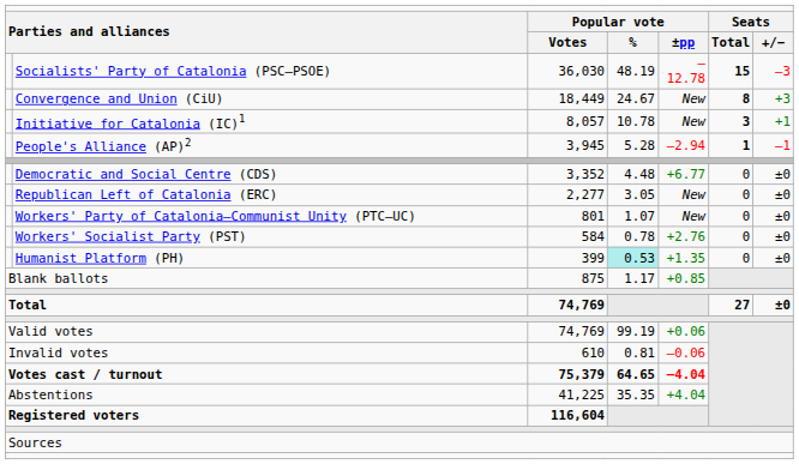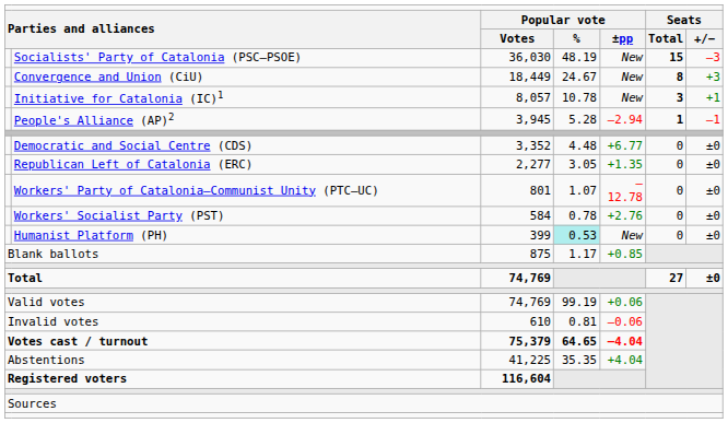 <table class="wikitable" style="text-align:right;">
 <tr>
 <td colspan="7"></td>
 </tr>
 <tr>
 <th style="text-align:left;" rowspan="2" colspan="2" width="525">Parties and alliances</th>
 <th colspan="3">Popular vote</th>
 <th colspan="2">Seats</th>
 </tr>
 <tr>
 <th width="75">Votes</th>
 <th width="45">%</th>
 <th width="45">±<a href='#'>pp</a></th>
 <th width="35">Total</th>
 <th width="35">+/−</th>
 </tr>
 <tr>
 <td width="1" style="color:inherit;background:"></td>
 <td align="left"><a href='#'>Socialists' Party of Catalonia</a> (PSC–PSOE)</td>
 <td>36,030</td>
 <td>48.19</td>
-<td style="color:red;">–12.78</td>
+<td><em>New</em></td>
 <td><strong>15</strong></td>
 <td style="color:red;">–3</td>
 </tr>
 <tr>
 <td style="color:inherit;background:"></td>
 <td align="left"><a href='#'>Convergence and Union</a> (CiU)</td>
 <td>18,449</td>
 <td>24.67</td>
 <td><em>New</em></td>
 <td><strong>8</strong></td>
 <td style="color:green;">+3</td>
 </tr>
 <tr>
 <td style="color:inherit;background:"></td>
 <td align="left"><a href='#'>Initiative for Catalonia</a> (IC)<sup>1</sup></td>
 <td>8,057</td>
 <td>10.78</td>
 <td><em>New</em></td>
 <td><strong>3</strong></td>
 <td style="color:green;">+1</td>
 </tr>
 <tr>
 <td style="color:inherit;background:"></td>
 <td align="left"><a href='#'>People's Alliance</a> (AP)<sup>2</sup></td>
 <td>3,945</td>
 <td>5.28</td>
 <td style="color:red;">–2.94</td>
 <td><strong>1</strong></td>
 <td style="color:red;">–1</td>
 </tr>
 <tr>
 <td colspan="7" style="color:inherit;background:#C0C0C0"></td>
 </tr>
 <tr>
 <td style="color:inherit;background:"></td>
 <td align="left"><a href='#'>Democratic and Social Centre</a> (CDS)</td>
 <td>3,352</td>
 <td>4.48</td>
 <td style="color:green;">+6.77</td>
 <td>0</td>
 <td>±0</td>
 </tr>
 <tr>
 <td style="color:inherit;background:"></td>
 <td align="left"><a href='#'>Republican Left of Catalonia</a> (ERC)</td>
 <td>2,277</td>
 <td>3.05</td>
-<td><em>New</em></td>
+<td style="color:green;">+1.35</td>
 <td>0</td>
 <td>±0</td>
 </tr>
 <tr>
 <td style="color:inherit;background:"></td>
 <td align="left"><a href='#'>Workers' Party of Catalonia–Communist Unity</a> (PTC–UC)</td>
 <td>801</td>
 <td>1.07</td>
-<td><em>New</em></td>
+<td style="color:red;">–12.78</td>
 <td>0</td>
 <td>±0</td>
 </tr>
 <tr>
 <td style="color:inherit;background:"></td>
 <td align="left"><a href='#'>Workers' Socialist Party</a> (PST)</td>
 <td>584</td>
 <td>0.78</td>
 <td style="color:green;">+2.76</td>
 <td>0</td>
 <td>±0</td>
 </tr>
 <tr>
 <td style="color:inherit;background:"></td>
 <td align="left"><a href='#'>Humanist Platform</a> (PH)</td>
 <td>399</td>
 <td style="background: paleturquoise;">0.53</td>
-<td style="color:green;">+1.35</td>
+<td><em>New</em></td>
 <td>0</td>
 <td>±0</td>
 </tr>
 <tr>
 <td align="left" colspan="2">Blank ballots</td>
 <td>875</td>
 <td>1.17</td>
 <td style="color:green;">+0.85</td>
 <td style="color:inherit;background:#E9E9E9" colspan="2"></td>
 </tr>
 <tr>
 <td colspan="7" style="color:inherit;background:#E9E9E9"></td>
 </tr>
 <tr style="font-weight:bold;">
 <td align="left" colspan="2">Total</td>
 <td>74,769</td>
 <td bgcolor="#E9E9E9" colspan="2"></td>
 <td>27</td>
 <td>±0</td>
 </tr>
 <tr>
 <td colspan="7" style="color:inherit;background:#E9E9E9"></td>
 </tr>
 <tr>
 <td align="left" colspan="2">Valid votes</td>
 <td>74,769</td>
 <td>99.19</td>
 <td style="color:green;">+0.06</td>
 <td bgcolor="#E9E9E9" colspan="2" rowspan="5"></td>
 </tr>
 <tr>
 <td align="left" colspan="2">Invalid votes</td>
 <td>610</td>
 <td>0.81</td>
 <td style="color:red;">–0.06</td>
 </tr>
 <tr style="font-weight:bold;">
 <td align="left" colspan="2">Votes cast / turnout</td>
 <td>75,379</td>
 <td>64.65</td>
 <td style="color:red;">–4.04</td>
 </tr>
 <tr>
 <td align="left" colspan="2">Abstentions</td>
 <td>41,225</td>
 <td>35.35</td>
 <td style="color:green;">+4.04</td>
 </tr>
 <tr style="font-weight:bold;">
 <td align="left" colspan="2">Registered voters</td>
 <td>116,604</td>
 <td bgcolor="#E9E9E9" colspan="2"></td>
 </tr>
 <tr>
 <td colspan="7" style="color:inherit;background:#E9E9E9"></td>
 </tr>
 <tr>
 <td align="left" colspan="7">Sources</td>
 </tr>
 <tr>
 <td colspan="7" style="text-align:left; max-width:790px;"></td>
 </tr>
 </table>
